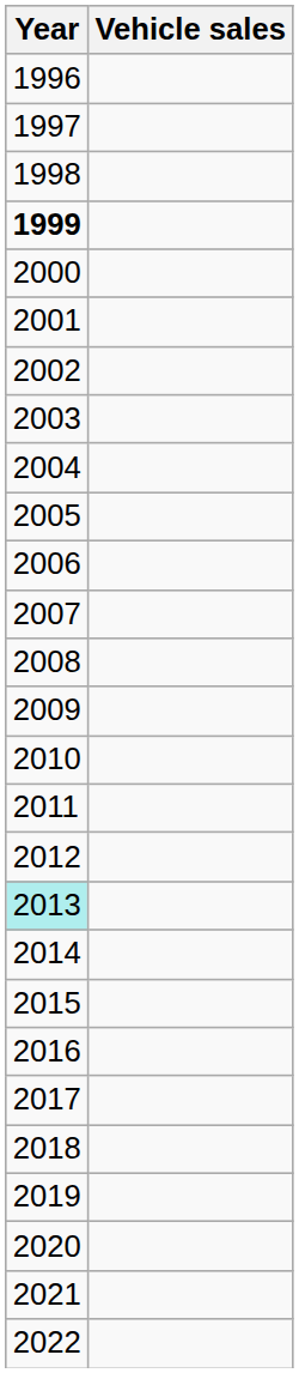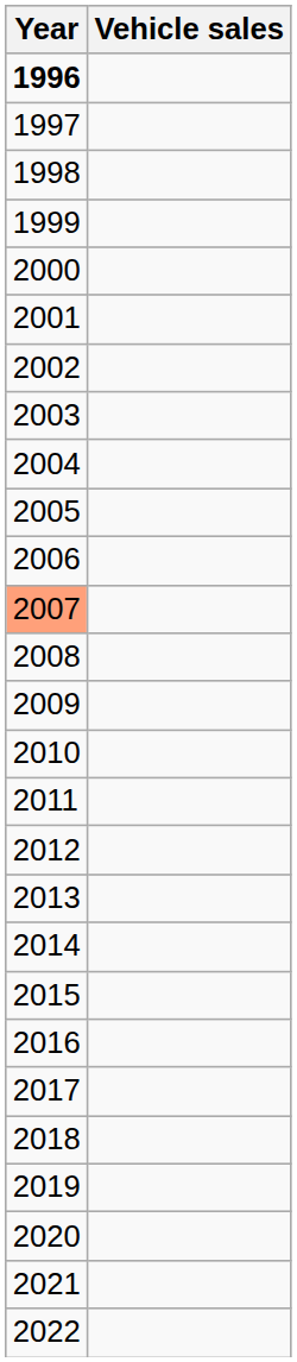 <table class="wikitable">
 <tr>
 <th>Year</th>
 <th>Vehicle sales</th>
 </tr>
 <tr>
-<td>1996</td>
+<td><strong>1996</strong></td>
 <td></td>
 </tr>
 <tr>
 <td>1997</td>
 <td></td>
 </tr>
 <tr>
 <td>1998</td>
 <td></td>
 </tr>
 <tr>
-<td><strong>1999</strong></td>
+<td>1999</td>
 <td></td>
 </tr>
 <tr>
 <td>2000</td>
 <td></td>
 </tr>
 <tr>
 <td>2001</td>
 <td></td>
 </tr>
 <tr>
 <td>2002</td>
 <td></td>
 </tr>
 <tr>
 <td>2003</td>
 <td></td>
 </tr>
 <tr>
 <td>2004</td>
 <td></td>
 </tr>
 <tr>
 <td>2005</td>
 <td></td>
 </tr>
 <tr>
 <td>2006</td>
 <td></td>
 </tr>
 <tr>
-<td>2007</td>
+<td style="background: lightsalmon;">2007</td>
 <td></td>
 </tr>
 <tr>
 <td>2008</td>
 <td></td>
 </tr>
 <tr>
 <td>2009</td>
 <td></td>
 </tr>
 <tr>
 <td>2010</td>
 <td></td>
 </tr>
 <tr>
 <td>2011</td>
 <td></td>
 </tr>
 <tr>
 <td>2012</td>
 <td></td>
 </tr>
 <tr>
-<td style="background: paleturquoise;">2013</td>
+<td>2013</td>
 <td></td>
 </tr>
 <tr>
 <td>2014</td>
 <td></td>
 </tr>
 <tr>
 <td>2015</td>
 <td></td>
 </tr>
 <tr>
 <td>2016</td>
 <td></td>
 </tr>
 <tr>
 <td>2017</td>
 <td></td>
 </tr>
 <tr>
 <td>2018</td>
 <td></td>
 </tr>
 <tr>
 <td>2019</td>
 <td></td>
 </tr>
 <tr>
 <td>2020</td>
 <td></td>
 </tr>
 <tr>
 <td>2021</td>
 <td></td>
 </tr>
 <tr>
 <td>2022</td>
 <td></td>
 </tr>
 </table>
